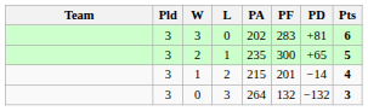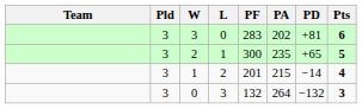 <table class=wikitable style="text-align:center">
 <tr>
 <th width=180>Team</th>
 <th width=30>Pld</th>
 <th width=30>W</th>
 <th width=30>L</th>
+<th width=30>PF</th>
 <th width=30>PA</th>
-<th width=30>PF</th>
 <th width=30>PD</th>
 <th width=30>Pts</th>
 </tr>
 <tr align=center bgcolor="#ccffcc">
 <td align=left></td>
 <td>3</td>
 <td>3</td>
 <td>0</td>
+<td>283</td>
 <td>202</td>
-<td>283</td>
 <td>+81</td>
 <td><strong>6</strong></td>
 </tr>
 <tr align=center bgcolor="#ccffcc">
 <td align=left></td>
 <td>3</td>
 <td>2</td>
 <td>1</td>
+<td>300</td>
 <td>235</td>
-<td>300</td>
 <td>+65</td>
 <td><strong>5</strong></td>
 </tr>
 <tr align=center>
 <td align=left></td>
 <td>3</td>
 <td>1</td>
 <td>2</td>
+<td>201</td>
 <td>215</td>
-<td>201</td>
 <td>−14</td>
 <td><strong>4</strong></td>
 </tr>
 <tr align=center>
 <td align=left></td>
 <td>3</td>
 <td>0</td>
 <td>3</td>
+<td>132</td>
 <td>264</td>
-<td>132</td>
 <td>−132</td>
 <td><strong>3</strong></td>
 </tr>
 </table>
